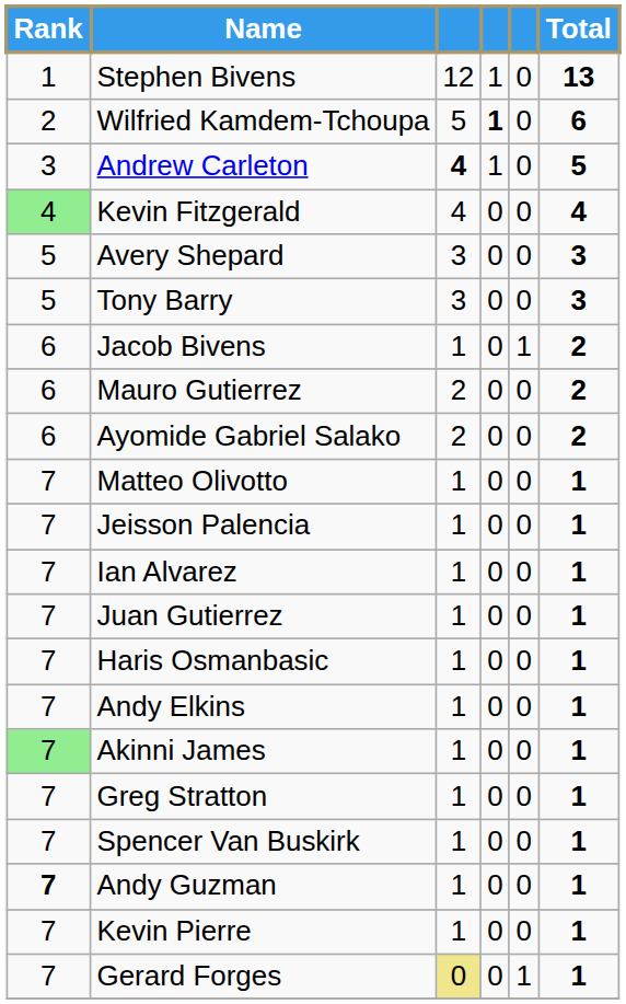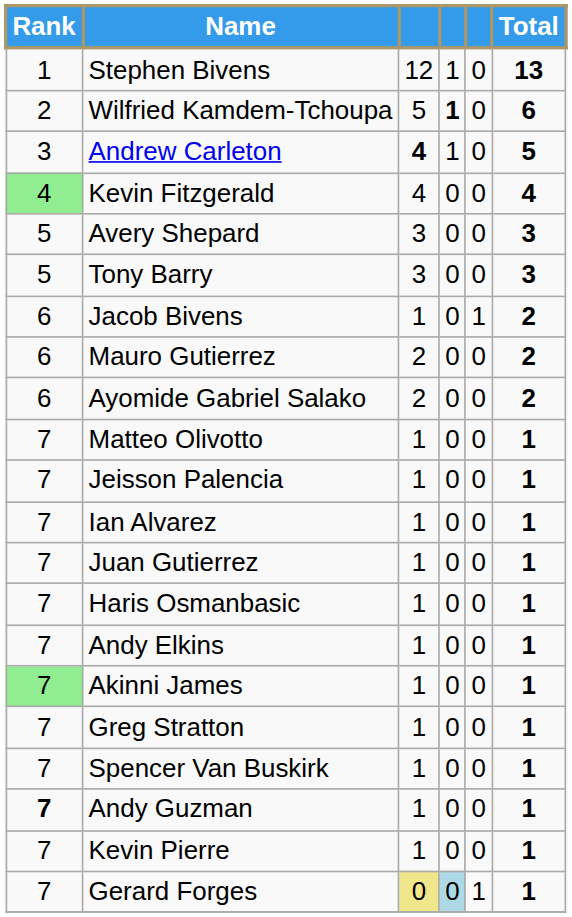 <table class="wikitable" style="text-align:center">
 <tr>
 <th style="background:#349beb; color:#fff; border:2px solid #ab9767;" scope="col">Rank</th>
 <th style="background:#349beb; color:#fff; border:2px solid #ab9767;" scope="col">Name</th>
 <th style="background:#349beb; color:#fff; border:2px solid #ab9767;" scope="col"></th>
 <th style="background:#349beb; color:#fff; border:2px solid #ab9767;" scope="col"></th>
 <th style="background:#349beb; color:#fff; border:2px solid #ab9767;" scope="col"></th>
 <th style="background:#349beb; color:#fff; border:2px solid #ab9767;" scope="col"><strong>Total</strong></th>
 </tr>
 <tr>
 <td>1</td>
 <td align="left"> Stephen Bivens</td>
 <td>12</td>
 <td>1</td>
 <td>0</td>
 <td><strong>13</strong></td>
 </tr>
 <tr>
 <td>2</td>
 <td align="left"> Wilfried Kamdem-Tchoupa</td>
 <td>5</td>
 <td><strong>1</strong></td>
 <td>0</td>
 <td><strong>6</strong></td>
 </tr>
 <tr>
 <td>3</td>
 <td align="left"> <a href='#'>Andrew Carleton</a></td>
 <td><strong>4</strong></td>
 <td>1</td>
 <td>0</td>
 <td><strong>5</strong></td>
 </tr>
 <tr>
 <td style="background: lightgreen;">4</td>
 <td align="left"> Kevin Fitzgerald</td>
 <td>4</td>
 <td>0</td>
 <td>0</td>
 <td><strong>4</strong></td>
 </tr>
 <tr>
 <td>5</td>
 <td align="left"> Avery Shepard</td>
 <td>3</td>
 <td>0</td>
 <td>0</td>
 <td><strong>3</strong></td>
 </tr>
 <tr>
 <td>5</td>
 <td align="left"> Tony Barry</td>
 <td>3</td>
 <td>0</td>
 <td>0</td>
 <td><strong>3</strong></td>
 </tr>
 <tr>
 <td>6</td>
 <td align="left"> Jacob Bivens</td>
 <td>1</td>
 <td>0</td>
 <td>1</td>
 <td><strong>2</strong></td>
 </tr>
 <tr>
 <td>6</td>
 <td align="left"> Mauro Gutierrez</td>
 <td>2</td>
 <td>0</td>
 <td>0</td>
 <td><strong>2</strong></td>
 </tr>
 <tr>
 <td>6</td>
 <td align="left"> Ayomide Gabriel Salako</td>
 <td>2</td>
 <td>0</td>
 <td>0</td>
 <td><strong>2</strong></td>
 </tr>
 <tr>
 <td>7</td>
 <td align="left"> Matteo Olivotto</td>
 <td>1</td>
 <td>0</td>
 <td>0</td>
 <td><strong>1</strong></td>
 </tr>
 <tr>
 <td>7</td>
 <td align="left"> Jeisson Palencia</td>
 <td>1</td>
 <td>0</td>
 <td>0</td>
 <td><strong>1</strong></td>
 </tr>
 <tr>
 <td>7</td>
 <td align="left"> Ian Alvarez</td>
 <td>1</td>
 <td>0</td>
 <td>0</td>
 <td><strong>1</strong></td>
 </tr>
 <tr>
 <td>7</td>
 <td align="left"> Juan Gutierrez</td>
 <td>1</td>
 <td>0</td>
 <td>0</td>
 <td><strong>1</strong></td>
 </tr>
 <tr>
 <td>7</td>
 <td align="left"> Haris Osmanbasic</td>
 <td>1</td>
 <td>0</td>
 <td>0</td>
 <td><strong>1</strong></td>
 </tr>
 <tr>
 <td>7</td>
 <td align="left"> Andy Elkins</td>
 <td>1</td>
 <td>0</td>
 <td>0</td>
 <td><strong>1</strong></td>
 </tr>
 <tr>
 <td style="background: lightgreen;">7</td>
 <td align="left"> Akinni James</td>
 <td>1</td>
 <td>0</td>
 <td>0</td>
 <td><strong>1</strong></td>
 </tr>
 <tr>
 <td>7</td>
 <td align="left"> Greg Stratton</td>
 <td>1</td>
 <td>0</td>
 <td>0</td>
 <td><strong>1</strong></td>
 </tr>
 <tr>
 <td>7</td>
 <td align="left"> Spencer Van Buskirk</td>
 <td>1</td>
 <td>0</td>
 <td>0</td>
 <td><strong>1</strong></td>
 </tr>
 <tr>
 <td><strong>7</strong></td>
 <td align="left"> Andy Guzman</td>
 <td>1</td>
 <td>0</td>
 <td>0</td>
 <td><strong>1</strong></td>
 </tr>
 <tr>
 <td>7</td>
 <td align="left"> Kevin Pierre</td>
 <td>1</td>
 <td>0</td>
 <td>0</td>
 <td><strong>1</strong></td>
 </tr>
 <tr>
 <td>7</td>
 <td align="left"> Gerard Forges</td>
 <td style="background: khaki;">0</td>
-<td>0</td>
+<td style="background: lightblue;">0</td>
 <td>1</td>
 <td><strong>1</strong></td>
 </tr>
 <tr>
 </tr>
 </table>
